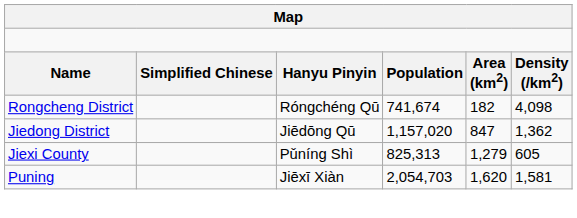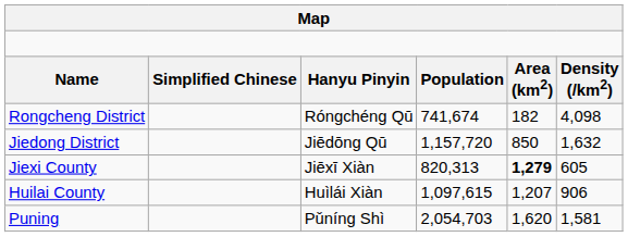 <table class="wikitable" style="font-size:90%;">
 <tr>
 <th colspan="6">Map</th>
 </tr>
 <tr>
 <td colspan="6"><div><br>        </div></td>
 </tr>
 <tr>
 <th>Name</th>
 <th>Simplified Chinese</th>
 <th>Hanyu Pinyin</th>
 <th>Population<br></th>
 <th>Area<br>(km<sup>2</sup>)</th>
 <th>Density<br>(/km<sup>2</sup>)</th>
 </tr>
 <tr>
 <td><a href='#'>Rongcheng District</a></td>
 <td></td>
 <td>Róngchéng Qū</td>
 <td>741,674</td>
 <td>182</td>
 <td>4,098</td>
 </tr>
 <tr>
 <td><a href='#'>Jiedong District</a></td>
 <td></td>
 <td>Jiēdōng Qū</td>
-<td>1,157,020</td>
-<td>847</td>
-<td>1,362</td>
+<td>1,157,720</td>
+<td>850</td>
+<td>1,632</td>
 </tr>
 <tr>
 <td><a href='#'>Jiexi County</a></td>
 <td></td>
-<td>Pǔníng Shì</td>
-<td>825,313</td>
-<td>1,279</td>
+<td>Jiēxī Xiàn</td>
+<td>820,313</td>
+<td><strong>1,279</strong></td>
 <td>605</td>
+</tr>
+<tr>
+<td><a href='#'>Huilai County</a></td>
+<td></td>
+<td>Huìlái Xiàn</td>
+<td>1,097,615</td>
+<td>1,207</td>
+<td>906</td>
 </tr>
 <tr>
 <td><a href='#'>Puning</a></td>
 <td></td>
-<td>Jiēxī Xiàn</td>
+<td>Pǔníng Shì</td>
 <td>2,054,703</td>
 <td>1,620</td>
 <td>1,581</td>
 </tr>
 </table>
